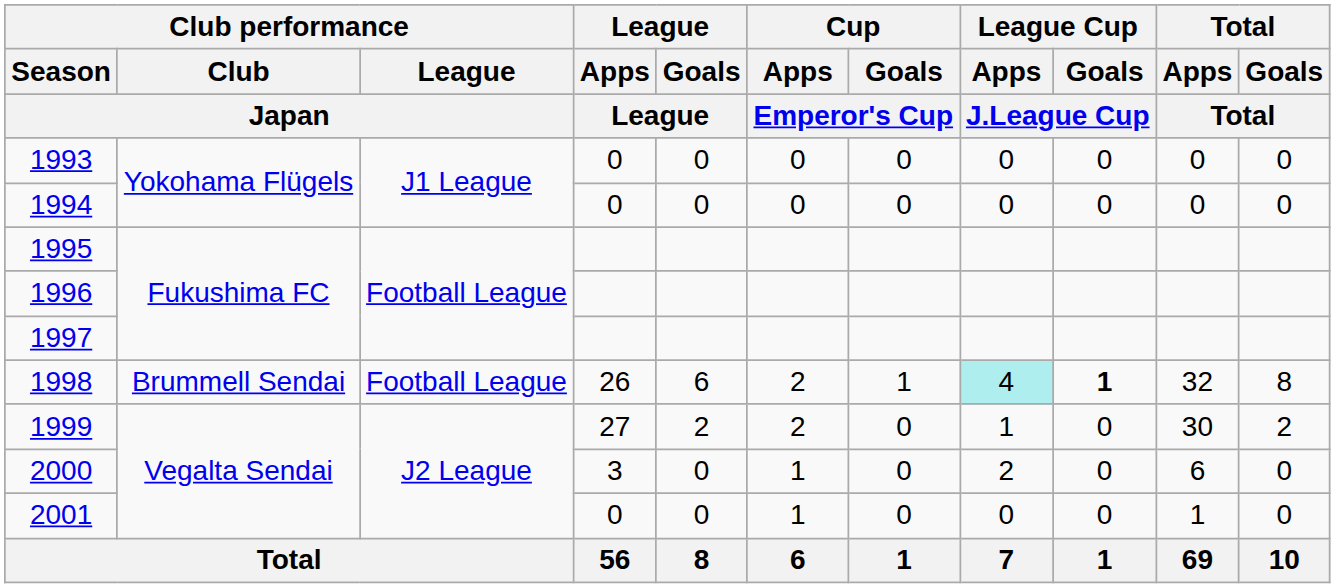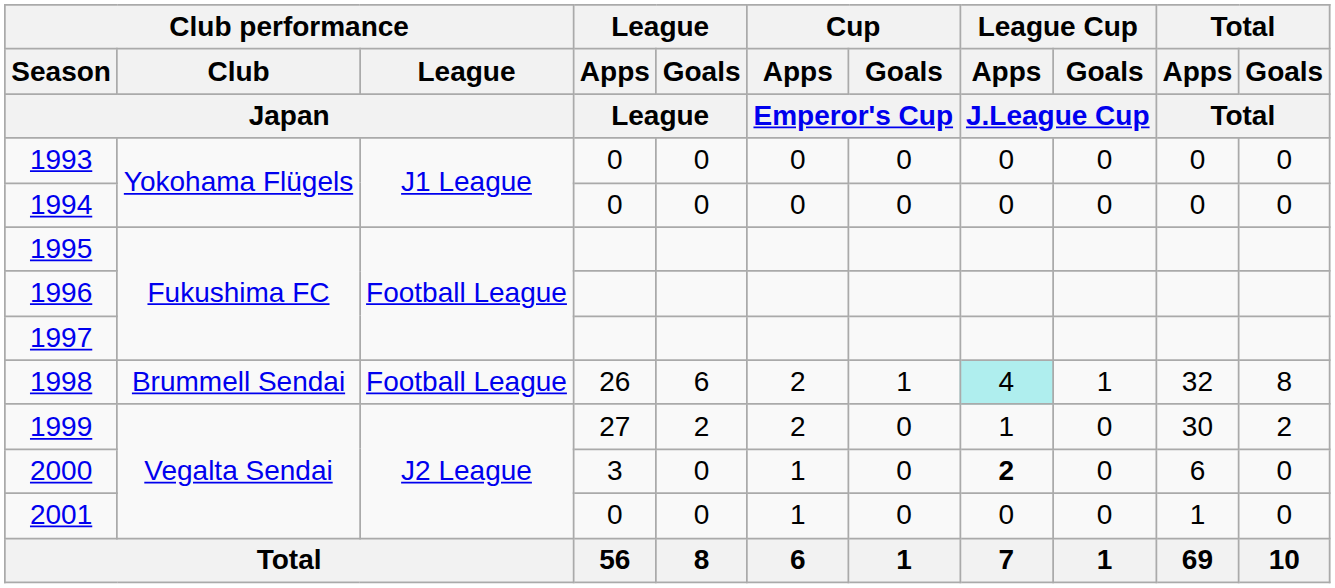 <table class="wikitable" style="text-align:center;">
 <tr>
 <th colspan=3>Club performance</th>
 <th colspan=2>League</th>
 <th colspan=2>Cup</th>
 <th colspan=2>League Cup</th>
 <th colspan=2>Total</th>
 </tr>
 <tr>
 <th>Season</th>
 <th>Club</th>
 <th>League</th>
 <th>Apps</th>
 <th>Goals</th>
 <th>Apps</th>
 <th>Goals</th>
 <th>Apps</th>
 <th>Goals</th>
 <th>Apps</th>
 <th>Goals</th>
 </tr>
 <tr>
 <th colspan=3>Japan</th>
 <th colspan=2>League</th>
 <th colspan=2><a href='#'>Emperor's Cup</a></th>
 <th colspan=2><a href='#'>J.League Cup</a></th>
 <th colspan=2>Total</th>
 </tr>
 <tr>
 <td><a href='#'>1993</a></td>
 <td rowspan="2"><a href='#'>Yokohama Flügels</a></td>
 <td rowspan="2"><a href='#'>J1 League</a></td>
 <td>0</td>
 <td>0</td>
 <td>0</td>
 <td>0</td>
 <td>0</td>
 <td>0</td>
 <td>0</td>
 <td>0</td>
 </tr>
 <tr>
 <td><a href='#'>1994</a></td>
 <td>0</td>
 <td>0</td>
 <td>0</td>
 <td>0</td>
 <td>0</td>
 <td>0</td>
 <td>0</td>
 <td>0</td>
 </tr>
 <tr>
 <td><a href='#'>1995</a></td>
 <td rowspan="3"><a href='#'>Fukushima FC</a></td>
 <td rowspan="3"><a href='#'>Football League</a></td>
 <td></td>
 <td></td>
 <td></td>
 <td></td>
 <td></td>
 <td></td>
 <td></td>
 <td></td>
 </tr>
 <tr>
 <td><a href='#'>1996</a></td>
 <td></td>
 <td></td>
 <td></td>
 <td></td>
 <td></td>
 <td></td>
 <td></td>
 <td></td>
 </tr>
 <tr>
 <td><a href='#'>1997</a></td>
 <td></td>
 <td></td>
 <td></td>
 <td></td>
 <td></td>
 <td></td>
 <td></td>
 <td></td>
 </tr>
 <tr>
 <td><a href='#'>1998</a></td>
 <td><a href='#'>Brummell Sendai</a></td>
 <td><a href='#'>Football League</a></td>
 <td>26</td>
 <td>6</td>
 <td>2</td>
 <td>1</td>
 <td style="background: paleturquoise;">4</td>
-<td><strong>1</strong></td>
+<td>1</td>
 <td>32</td>
 <td>8</td>
 </tr>
 <tr>
 <td><a href='#'>1999</a></td>
 <td rowspan="3"><a href='#'>Vegalta Sendai</a></td>
 <td rowspan="3"><a href='#'>J2 League</a></td>
 <td>27</td>
 <td>2</td>
 <td>2</td>
 <td>0</td>
 <td>1</td>
 <td>0</td>
 <td>30</td>
 <td>2</td>
 </tr>
 <tr>
 <td><a href='#'>2000</a></td>
 <td>3</td>
 <td>0</td>
 <td>1</td>
 <td>0</td>
-<td>2</td>
+<td><strong>2</strong></td>
 <td>0</td>
 <td>6</td>
 <td>0</td>
 </tr>
 <tr>
 <td><a href='#'>2001</a></td>
 <td>0</td>
 <td>0</td>
 <td>1</td>
 <td>0</td>
 <td>0</td>
 <td>0</td>
 <td>1</td>
 <td>0</td>
 </tr>
 <tr>
 <th colspan=3>Total</th>
 <th>56</th>
 <th>8</th>
 <th>6</th>
 <th>1</th>
 <th>7</th>
 <th>1</th>
 <th>69</th>
 <th>10</th>
 </tr>
 </table>
